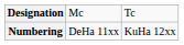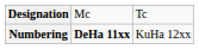 <table class="wikitable">
 <tr>
 <th>Designation</th>
 <td>Mc</td>
 <td>Tc</td>
 </tr>
 <tr>
 <th>Numbering</th>
-<td>DeHa 11xx</td>
+<td><strong>DeHa 11xx</strong></td>
 <td>KuHa 12xx</td>
 </tr>
 </table>
